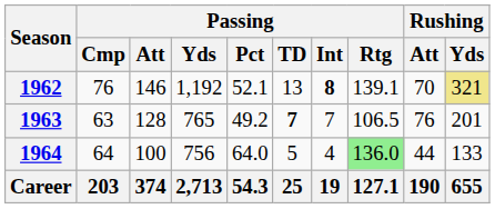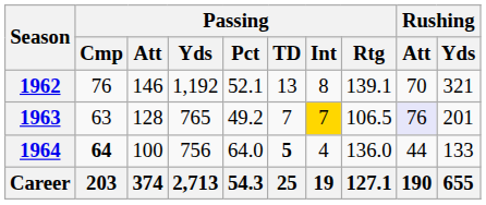 <table class=wikitable style="text-align:center;">
 <tr>
 <th rowspan="2">Season</th>
 <th colspan="7">Passing</th>
 <th colspan="2">Rushing</th>
 </tr>
 <tr>
 <th>Cmp</th>
 <th>Att</th>
 <th>Yds</th>
 <th>Pct</th>
 <th>TD</th>
 <th>Int</th>
 <th>Rtg</th>
 <th>Att</th>
 <th>Yds</th>
 </tr>
 <tr>
 <th><a href='#'>1962</a></th>
 <td>76</td>
 <td>146</td>
 <td>1,192</td>
 <td>52.1</td>
 <td>13</td>
-<td><strong>8</strong></td>
+<td>8</td>
 <td>139.1</td>
 <td>70</td>
-<td style="background: khaki;">321</td>
+<td>321</td>
 </tr>
 <tr>
 <th><a href='#'>1963</a></th>
 <td>63</td>
 <td>128</td>
 <td>765</td>
 <td>49.2</td>
-<td><strong>7</strong></td>
 <td>7</td>
+<td style="background: gold;">7</td>
 <td>106.5</td>
-<td>76</td>
+<td style="background: lavender;">76</td>
 <td>201</td>
 </tr>
 <tr>
 <th><a href='#'>1964</a></th>
-<td>64</td>
+<td><strong>64</strong></td>
 <td>100</td>
 <td>756</td>
 <td>64.0</td>
-<td>5</td>
+<td><strong>5</strong></td>
 <td>4</td>
-<td style="background: lightgreen;">136.0</td>
+<td>136.0</td>
 <td>44</td>
 <td>133</td>
 </tr>
 <tr>
 <th>Career</th>
 <th>203</th>
 <th>374</th>
 <th>2,713</th>
 <th>54.3</th>
 <th>25</th>
 <th>19</th>
 <th>127.1</th>
 <th>190</th>
 <th>655</th>
 </tr>
 </table>
